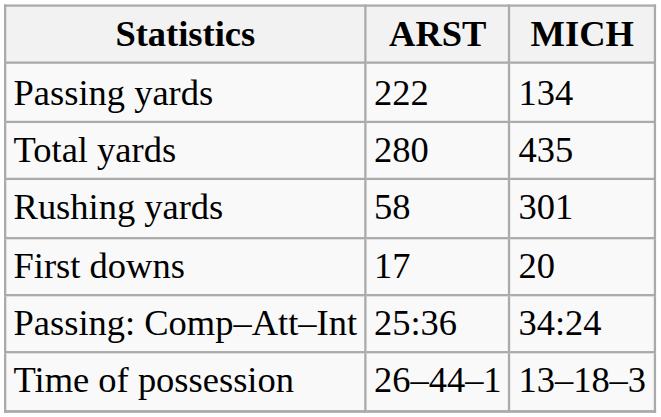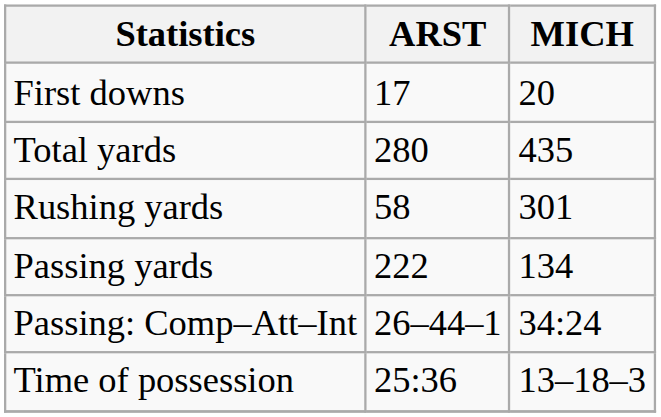 <table class="wikitable" style="float: left;">
 <tr>
 <th>Statistics</th>
 <th>ARST</th>
 <th>MICH</th>
 </tr>
 <tr>
-<td>Passing yards</td>
-<td>222</td>
-<td>134</td>
+<td>First downs</td>
+<td>17</td>
+<td>20</td>
 </tr>
 <tr>
 <td>Total yards</td>
 <td>280</td>
 <td>435</td>
 </tr>
 <tr>
 <td>Rushing yards</td>
 <td>58</td>
 <td>301</td>
 </tr>
 <tr>
-<td>First downs</td>
-<td>17</td>
-<td>20</td>
+<td>Passing yards</td>
+<td>222</td>
+<td>134</td>
 </tr>
 <tr>
 <td>Passing: Comp–Att–Int</td>
-<td>25:36</td>
+<td>26–44–1</td>
 <td>34:24</td>
 </tr>
 <tr>
 <td>Time of possession</td>
-<td>26–44–1</td>
+<td>25:36</td>
 <td>13–18–3</td>
 </tr>
 <tr>
 </tr>
 </table>
